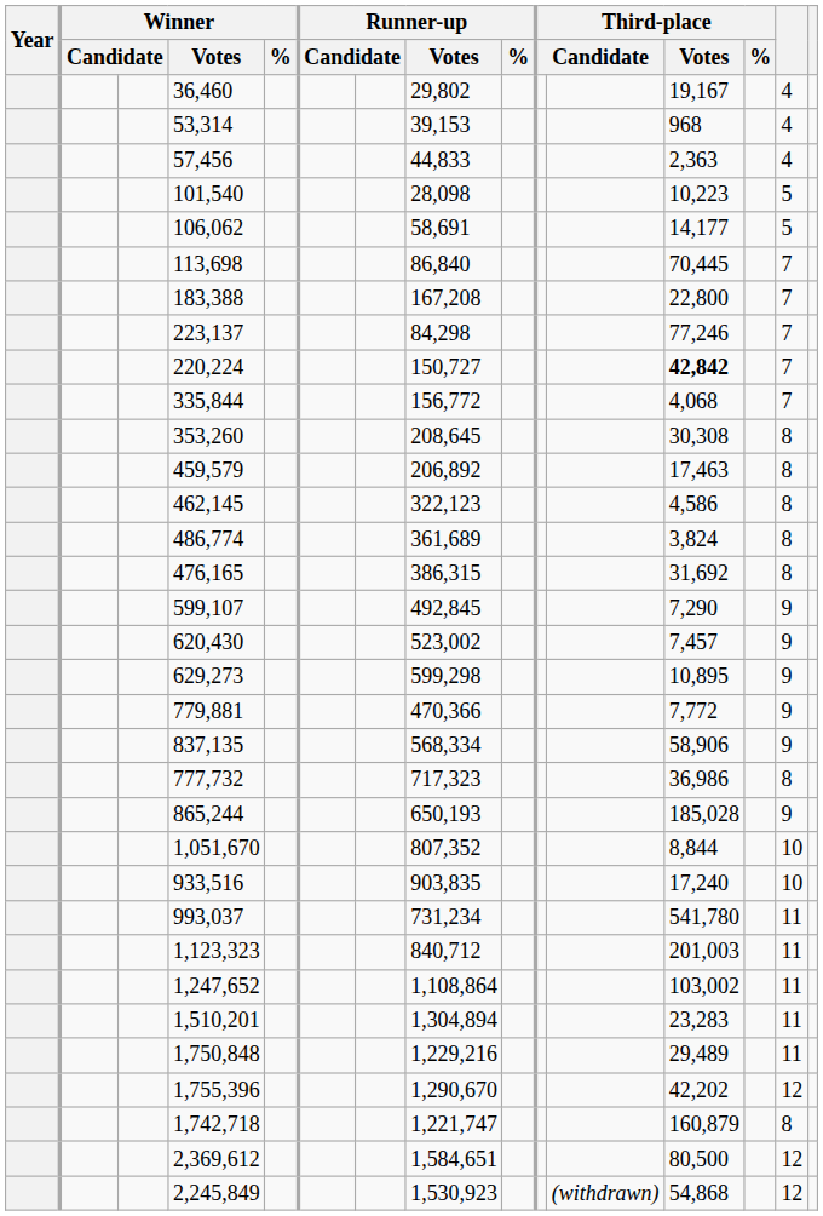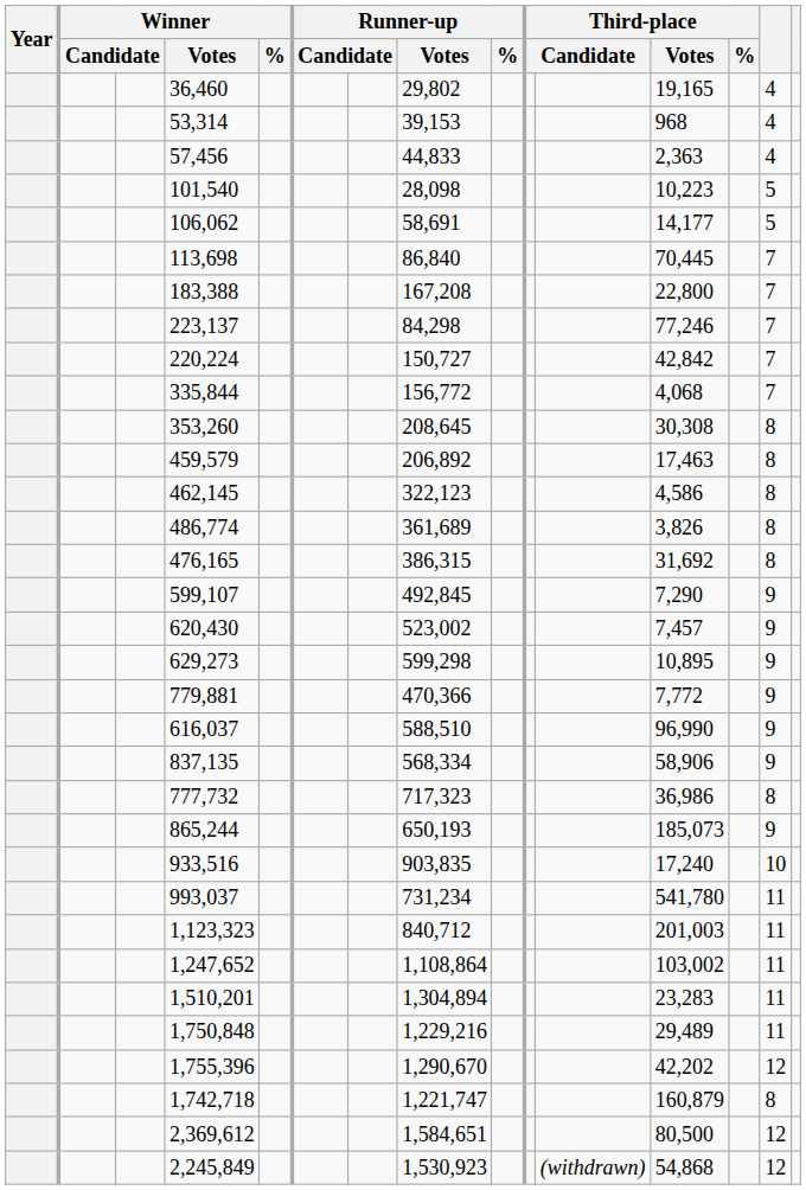 <table class="wikitable sortable">
 <tr>
 <th scope=col rowspan="2">Year</th>
 <th scope="colgroup" style="border-left:3px solid darkgray;" colspan="4">Winner</th>
 <th scope="colgroup" style="border-left:3px solid darkgray;" colspan="4">Runner-up</th>
 <th scope="colgroup" style="border-left:3px solid darkgray;" colspan="4">Third-place</th>
 <th scope="col" rowspan="2"></th>
 <th scope="col" class="unsortable" rowspan="2"></th>
 </tr>
 <tr>
 <th scope="col" style="border-left:3px solid darkgray;" colspan="2">Candidate</th>
 <th scope="col" data-sort-type="number">Votes</th>
 <th scope="col"  data-sort-type="number">%</th>
 <th scope="col" style="border-left:3px solid darkgray;" colspan="2">Candidate</th>
 <th scope="col"  data-sort-type="number">Votes</th>
 <th scope="col"  data-sort-type="number">%</th>
 <th scope="col"  scope="col" style="border-left:3px solid darkgray;" colspan="2">Candidate</th>
 <th scope="col"  data-sort-type="number">Votes</th>
 <th scope="col"  data-sort-type="number">%</th>
 </tr>
 <tr>
 <th scope="row"> </th>
 <td style="text-align:left; border-left:3px solid darkgray; background-color:"></td>
 <td><strong></strong> </td>
 <td>36,460</td>
 <td></td>
 <td style="text-align:left; border-left:3px solid darkgray; background-color:"></td>
 <td> </td>
 <td>29,802</td>
 <td></td>
 <td style="text-align:left; border-left:3px solid darkgray; background-color:"></td>
 <td> </td>
-<td>19,167</td>
+<td>19,165</td>
 <td></td>
 <td>4</td>
 <td></td>
 </tr>
 <tr>
 <th scope="row"> </th>
 <td style="text-align:left; border-left:3px solid darkgray; background-color:"></td>
 <td><strong></strong> </td>
 <td>53,314</td>
 <td></td>
 <td style="text-align:left; border-left:3px solid darkgray; background-color:"></td>
 <td> </td>
 <td>39,153</td>
 <td></td>
 <td style="text-align:left; border-left:3px solid darkgray; background-color:"></td>
 <td> </td>
 <td>968</td>
 <td></td>
 <td>4</td>
 <td></td>
 </tr>
 <tr>
 <th scope="row"> </th>
 <td style="text-align:left; border-left:3px solid darkgray; background-color:"></td>
 <td><strong></strong> </td>
 <td>57,456</td>
 <td></td>
 <td style="text-align:left; border-left:3px solid darkgray; background-color:"></td>
 <td> </td>
 <td>44,833</td>
 <td></td>
 <td style="text-align:left; border-left:3px solid darkgray; background-color:"></td>
 <td> </td>
 <td>2,363</td>
 <td></td>
 <td>4</td>
 <td></td>
 </tr>
 <tr>
 <th scope="row"> </th>
 <td style="text-align:left; border-left:3px solid darkgray; background-color:"></td>
 <td><strong></strong> </td>
 <td>101,540</td>
 <td></td>
 <td style="text-align:left; border-left:3px solid darkgray; background-color:"></td>
 <td> </td>
 <td>28,098</td>
 <td></td>
 <td style="text-align:left; border-left:3px solid darkgray; background-color:"></td>
 <td> </td>
 <td>10,223</td>
 <td></td>
 <td>5</td>
 <td></td>
 </tr>
 <tr>
 <th scope="row"> </th>
 <td style="text-align:left; border-left:3px solid darkgray; background-color:"></td>
 <td><strong></strong> </td>
 <td>106,062</td>
 <td></td>
 <td style="text-align:left; border-left:3px solid darkgray; background-color:"></td>
 <td> </td>
 <td>58,691</td>
 <td></td>
 <td style="text-align:left; border-left:3px solid darkgray; background-color:"></td>
 <td> </td>
 <td>14,177</td>
 <td></td>
 <td>5</td>
 <td></td>
 </tr>
 <tr>
 <th scope="row"> </th>
 <td style="text-align:left; border-left:3px solid darkgray; background-color:"></td>
 <td><strong></strong> </td>
 <td>113,698</td>
 <td></td>
 <td style="text-align:left; border-left:3px solid darkgray; background-color:"></td>
 <td> </td>
 <td>86,840</td>
 <td></td>
 <td style="text-align:left; border-left:3px solid darkgray; background-color:"></td>
 <td> </td>
 <td>70,445</td>
 <td></td>
 <td>7</td>
 <td></td>
 </tr>
 <tr>
 <th scope="row"> </th>
 <td style="text-align:left; border-left:3px solid darkgray; background-color:"></td>
 <td><strong></strong> </td>
 <td>183,388</td>
 <td></td>
 <td style="text-align:left; border-left:3px solid darkgray; background-color:"></td>
 <td> </td>
 <td>167,208</td>
 <td></td>
 <td style="text-align:left; border-left:3px solid darkgray; background-color:"></td>
 <td> </td>
 <td>22,800</td>
 <td></td>
 <td>7</td>
 <td></td>
 </tr>
 <tr>
 <th scope="row"> </th>
 <td style="text-align:left; border-left:3px solid darkgray; background-color:"></td>
 <td><strong></strong> </td>
 <td>223,137</td>
 <td></td>
 <td style="text-align:left; border-left:3px solid darkgray; background-color:"></td>
 <td> </td>
 <td>84,298</td>
 <td></td>
 <td style="text-align:left; border-left:3px solid darkgray; background-color:"></td>
 <td> </td>
 <td>77,246</td>
 <td></td>
 <td>7</td>
 <td></td>
 </tr>
 <tr>
 <th scope="row"> </th>
 <td style="text-align:left; border-left:3px solid darkgray; background-color:"></td>
 <td><strong></strong> </td>
 <td>220,224</td>
 <td></td>
 <td style="text-align:left; border-left:3px solid darkgray; background-color:"></td>
 <td> </td>
 <td>150,727</td>
 <td></td>
 <td style="text-align:left; border-left:3px solid darkgray; background-color:"></td>
 <td> </td>
-<td><strong>42,842</strong></td>
+<td>42,842</td>
 <td></td>
 <td>7</td>
 <td></td>
 </tr>
 <tr>
 <th scope="row"> </th>
 <td style="text-align:left; border-left:3px solid darkgray; background-color:"></td>
 <td><strong></strong> </td>
 <td>335,844</td>
 <td></td>
 <td style="text-align:left; border-left:3px solid darkgray; background-color:"></td>
 <td> </td>
 <td>156,772</td>
 <td></td>
 <td style="text-align:left; border-left:3px solid darkgray; background-color:"></td>
 <td> </td>
 <td>4,068</td>
 <td></td>
 <td>7</td>
 <td></td>
 </tr>
 <tr>
 <th scope="row"> </th>
 <td style="text-align:left; border-left:3px solid darkgray; background-color:"></td>
 <td><strong></strong> </td>
 <td>353,260</td>
 <td></td>
 <td style="text-align:left; border-left:3px solid darkgray; background-color:"></td>
 <td> </td>
 <td>208,645</td>
 <td></td>
 <td style="text-align:left; border-left:3px solid darkgray; background-color:"></td>
 <td> </td>
 <td>30,308</td>
 <td></td>
 <td>8</td>
 <td></td>
 </tr>
 <tr>
 <th scope="row"> </th>
 <td style="text-align:left; border-left:3px solid darkgray; background-color:"></td>
 <td><strong></strong> </td>
 <td>459,579</td>
 <td></td>
 <td style="text-align:left; border-left:3px solid darkgray; background-color:"></td>
 <td> </td>
 <td>206,892</td>
 <td></td>
 <td style="text-align:left; border-left:3px solid darkgray; background-color:"></td>
 <td> </td>
 <td>17,463</td>
 <td></td>
 <td>8</td>
 <td></td>
 </tr>
 <tr>
 <th scope="row"> </th>
 <td style="text-align:left; border-left:3px solid darkgray; background-color:"></td>
 <td><strong></strong> </td>
 <td>462,145</td>
 <td></td>
 <td style="text-align:left; border-left:3px solid darkgray; background-color:"></td>
 <td> </td>
 <td>322,123</td>
 <td></td>
 <td style="text-align:left; border-left:3px solid darkgray; background-color:"></td>
 <td> </td>
 <td>4,586</td>
 <td></td>
 <td>8</td>
 <td></td>
 </tr>
 <tr>
 <th scope="row"> </th>
 <td style="text-align:left; border-left:3px solid darkgray; background-color:"></td>
 <td><strong></strong> </td>
 <td>486,774</td>
 <td></td>
 <td style="text-align:left; border-left:3px solid darkgray; background-color:"></td>
 <td> </td>
 <td>361,689</td>
 <td></td>
 <td style="text-align:left; border-left:3px solid darkgray; background-color:"></td>
 <td> </td>
-<td>3,824</td>
+<td>3,826</td>
 <td></td>
 <td>8</td>
 <td></td>
 </tr>
 <tr>
 <th scope="row"> </th>
 <td style="text-align:left; border-left:3px solid darkgray; background-color:"></td>
 <td><strong></strong> </td>
 <td>476,165</td>
 <td></td>
 <td style="text-align:left; border-left:3px solid darkgray; background-color:"></td>
 <td> </td>
 <td>386,315</td>
 <td></td>
 <td style="text-align:left; border-left:3px solid darkgray; background-color:"></td>
 <td> </td>
 <td>31,692</td>
 <td></td>
 <td>8</td>
 <td></td>
 </tr>
 <tr>
 <th scope="row"> </th>
 <td style="text-align:left; border-left:3px solid darkgray; background-color:"></td>
 <td><strong></strong> </td>
 <td>599,107</td>
 <td></td>
 <td style="text-align:left; border-left:3px solid darkgray; background-color:"></td>
 <td> </td>
 <td>492,845</td>
 <td></td>
 <td style="text-align:left; border-left:3px solid darkgray; background-color:"></td>
 <td> </td>
 <td>7,290</td>
 <td></td>
 <td>9</td>
 <td></td>
 </tr>
 <tr>
 <th scope="row"> </th>
 <td style="text-align:left; border-left:3px solid darkgray; background-color:"></td>
 <td><strong></strong> </td>
 <td>620,430</td>
 <td></td>
 <td style="text-align:left; border-left:3px solid darkgray; background-color:"></td>
 <td> </td>
 <td>523,002</td>
 <td></td>
 <td style="text-align:left; border-left:3px solid darkgray; background-color:"></td>
 <td> </td>
 <td>7,457</td>
 <td></td>
 <td>9</td>
 <td></td>
 </tr>
 <tr>
 <th scope="row"> </th>
 <td style="text-align:left; border-left:3px solid darkgray; background-color:"></td>
 <td><strong></strong> </td>
 <td>629,273</td>
 <td></td>
 <td style="text-align:left; border-left:3px solid darkgray; background-color:"></td>
 <td> </td>
 <td>599,298</td>
 <td></td>
 <td style="text-align:left; border-left:3px solid darkgray; background-color:"></td>
 <td> </td>
 <td>10,895</td>
 <td></td>
 <td>9</td>
 <td></td>
 </tr>
 <tr>
 <th scope="row"> </th>
 <td style="text-align:left; border-left:3px solid darkgray; background-color:"></td>
 <td><strong></strong> </td>
 <td>779,881</td>
 <td></td>
 <td style="text-align:left; border-left:3px solid darkgray; background-color:"></td>
 <td> </td>
 <td>470,366</td>
 <td></td>
 <td style="text-align:left; border-left:3px solid darkgray; background-color:"></td>
 <td> </td>
 <td>7,772</td>
 <td></td>
 <td>9</td>
 <td></td>
 </tr>
 <tr>
 <th scope="row"> </th>
 <td style="text-align:left; border-left:3px solid darkgray; background-color:"></td>
 <td><strong></strong> </td>
+<td>616,037</td>
+<td></td>
+<td style="text-align:left; border-left:3px solid darkgray; background-color:"></td>
+<td> </td>
+<td>588,510</td>
+<td></td>
+<td style="text-align:left; border-left:3px solid darkgray; background-color:"></td>
+<td> </td>
+<td>96,990</td>
+<td></td>
+<td>9</td>
+<td></td>
+</tr>
+<tr>
+<th scope="row"> </th>
+<td style="text-align:left; border-left:3px solid darkgray; background-color:"></td>
+<td><strong></strong> </td>
 <td>837,135</td>
 <td></td>
 <td style="text-align:left; border-left:3px solid darkgray; background-color:"></td>
 <td> </td>
 <td>568,334</td>
 <td></td>
 <td style="text-align:left; border-left:3px solid darkgray; background-color:"></td>
 <td> </td>
 <td>58,906</td>
 <td></td>
 <td>9</td>
 <td></td>
 </tr>
 <tr>
 <th scope="row"> </th>
 <td style="text-align:left; border-left:3px solid darkgray; background-color:"></td>
 <td><strong></strong> </td>
 <td>777,732</td>
 <td></td>
 <td style="text-align:left; border-left:3px solid darkgray; background-color:"></td>
 <td> </td>
 <td>717,323</td>
 <td></td>
 <td style="text-align:left; border-left:3px solid darkgray; background-color:"></td>
 <td> </td>
 <td>36,986</td>
 <td></td>
 <td>8</td>
 <td></td>
 </tr>
 <tr>
 <th scope="row"> </th>
 <td style="text-align:left; border-left:3px solid darkgray; background-color:"></td>
 <td><strong></strong> </td>
 <td>865,244</td>
 <td></td>
 <td style="text-align:left; border-left:3px solid darkgray; background-color:"></td>
 <td> </td>
 <td>650,193</td>
 <td></td>
 <td style="text-align:left; border-left:3px solid darkgray; background-color:"></td>
 <td> </td>
-<td>185,028</td>
+<td>185,073</td>
 <td></td>
 <td>9</td>
-<td></td>
-</tr>
-<tr>
-<th scope="row"> </th>
-<td style="text-align:left; border-left:3px solid darkgray; background-color:"></td>
-<td><strong></strong> </td>
-<td>1,051,670</td>
-<td></td>
-<td style="text-align:left; border-left:3px solid darkgray; background-color:"></td>
-<td> </td>
-<td>807,352</td>
-<td></td>
-<td style="text-align:left; border-left:3px solid darkgray; background-color:"></td>
-<td> </td>
-<td>8,844</td>
-<td></td>
-<td>10</td>
 <td></td>
 </tr>
 <tr>
 <th scope="row"> </th>
 <td style="text-align:left; border-left:3px solid darkgray; background-color:"></td>
 <td><strong></strong> </td>
 <td>933,516</td>
 <td></td>
 <td style="text-align:left; border-left:3px solid darkgray; background-color:"></td>
 <td> </td>
 <td>903,835</td>
 <td></td>
 <td style="text-align:left; border-left:3px solid darkgray; background-color:"></td>
 <td> </td>
 <td>17,240</td>
 <td></td>
 <td>10</td>
 <td></td>
 </tr>
 <tr>
 <th scope="row"> </th>
 <td style="text-align:left; border-left:3px solid darkgray; background-color:"></td>
 <td><strong></strong> </td>
 <td>993,037</td>
 <td></td>
 <td style="text-align:left; border-left:3px solid darkgray; background-color:"></td>
 <td> </td>
 <td>731,234</td>
 <td></td>
 <td style="text-align:left; border-left:3px solid darkgray; background-color:"></td>
 <td> </td>
 <td>541,780</td>
 <td></td>
 <td>11</td>
 <td></td>
 </tr>
 <tr>
 <th scope="row"> </th>
 <td style="text-align:left; border-left:3px solid darkgray; background-color:"></td>
 <td><strong></strong> </td>
 <td>1,123,323</td>
 <td></td>
 <td style="text-align:left; border-left:3px solid darkgray; background-color:"></td>
 <td> </td>
 <td>840,712</td>
 <td></td>
 <td style="text-align:left; border-left:3px solid darkgray; background-color:"></td>
 <td> </td>
 <td>201,003</td>
 <td></td>
 <td>11</td>
 <td></td>
 </tr>
 <tr>
 <th scope="row"> </th>
 <td style="text-align:left; border-left:3px solid darkgray; background-color:"></td>
 <td><strong></strong> </td>
 <td>1,247,652</td>
 <td></td>
 <td style="text-align:left; border-left:3px solid darkgray; background-color:"></td>
 <td> </td>
 <td>1,108,864</td>
 <td></td>
 <td style="text-align:left; border-left:3px solid darkgray; background-color:"></td>
 <td> </td>
 <td>103,002</td>
 <td></td>
 <td>11</td>
 <td></td>
 </tr>
 <tr>
 <th scope="row"> </th>
 <td style="text-align:left; border-left:3px solid darkgray; background-color:"></td>
 <td><strong></strong> </td>
 <td>1,510,201</td>
 <td></td>
 <td style="text-align:left; border-left:3px solid darkgray; background-color:"></td>
 <td> </td>
 <td>1,304,894</td>
 <td></td>
 <td style="text-align:left; border-left:3px solid darkgray; background-color:"></td>
 <td> </td>
 <td>23,283</td>
 <td></td>
 <td>11</td>
 <td></td>
 </tr>
 <tr>
 <th scope="row"> </th>
 <td style="text-align:left; border-left:3px solid darkgray; background-color:"></td>
 <td><strong></strong> </td>
 <td>1,750,848</td>
 <td></td>
 <td style="text-align:left; border-left:3px solid darkgray; background-color:"></td>
 <td> </td>
 <td>1,229,216</td>
 <td></td>
 <td style="text-align:left; border-left:3px solid darkgray; background-color:"></td>
 <td> </td>
 <td>29,489</td>
 <td></td>
 <td>11</td>
 <td></td>
 </tr>
 <tr>
 <th scope="row"> </th>
 <td style="text-align:left; border-left:3px solid darkgray; background-color:"></td>
 <td><strong></strong> </td>
 <td>1,755,396</td>
 <td></td>
 <td style="text-align:left; border-left:3px solid darkgray; background-color:"></td>
 <td> </td>
 <td>1,290,670</td>
 <td></td>
 <td style="text-align:left; border-left:3px solid darkgray; background-color:"></td>
 <td> </td>
 <td>42,202</td>
 <td></td>
 <td>12</td>
 <td></td>
 </tr>
 <tr>
 <th scope="row"> </th>
 <td style="text-align:left; border-left:3px solid darkgray; background-color:"></td>
 <td><strong></strong> </td>
 <td>1,742,718</td>
 <td></td>
 <td style="text-align:left; border-left:3px solid darkgray; background-color:"></td>
 <td> </td>
 <td>1,221,747</td>
 <td></td>
 <td style="text-align:left; border-left:3px solid darkgray; background-color:"></td>
 <td> </td>
 <td>160,879</td>
 <td></td>
 <td>8</td>
 <td></td>
 </tr>
 <tr>
 <th scope="row"> </th>
 <td style="text-align:left; border-left:3px solid darkgray; background-color:"></td>
 <td><strong></strong> </td>
 <td>2,369,612</td>
 <td></td>
 <td style="text-align:left; border-left:3px solid darkgray; background-color:"></td>
 <td> </td>
 <td>1,584,651</td>
 <td></td>
 <td style="text-align:left; border-left:3px solid darkgray; background-color:"></td>
 <td> </td>
 <td>80,500</td>
 <td></td>
 <td>12</td>
 <td></td>
 </tr>
 <tr>
 <th scope="row"> </th>
 <td style="text-align:left; border-left:3px solid darkgray; background-color:"></td>
 <td><strong></strong> </td>
 <td>2,245,849</td>
 <td></td>
 <td style="text-align:left; border-left:3px solid darkgray; background-color:"></td>
 <td> </td>
 <td>1,530,923</td>
 <td></td>
 <td style="text-align:left; border-left:3px solid darkgray; background-color:"></td>
 <td><em>(withdrawn)</em> </td>
 <td>54,868</td>
 <td></td>
 <td>12</td>
 <td></td>
 </tr>
 </table>
